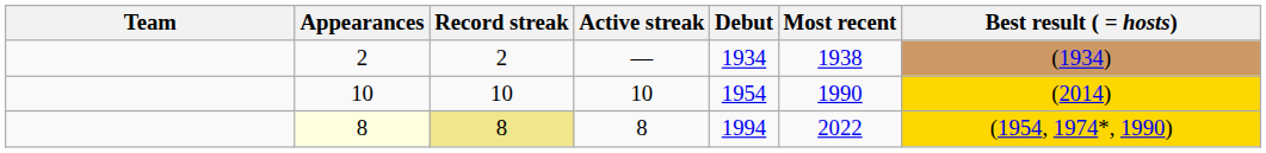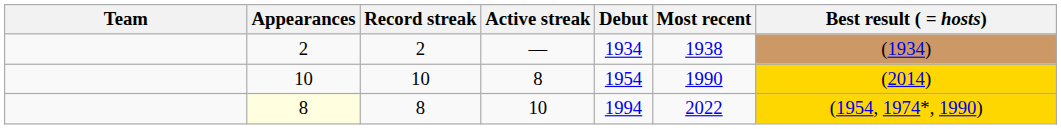 <table class="wikitable sortable" style="text-align: center">
 <tr>
 <th width=200>Team</th>
 <th>Appearances</th>
 <th>Record streak</th>
 <th>Active streak</th>
 <th>Debut</th>
 <th>Most recent</th>
 <th width=250>Best result (<em> = hosts</em>)</th>
 </tr>
 <tr>
 <td align=left> </td>
 <td>2</td>
 <td>2</td>
 <td>—</td>
 <td><a href='#'>1934</a></td>
 <td><a href='#'>1938</a></td>
 <td bgcolor=#cc9966>  (<a href='#'>1934</a>)</td>
 </tr>
 <tr>
 <td align=left> </td>
 <td>10</td>
 <td>10</td>
-<td>10</td>
+<td>8</td>
 <td><a href='#'>1954</a></td>
 <td><a href='#'>1990</a></td>
 <td bgcolor=gold> (<a href='#'>2014</a>)</td>
 </tr>
 <tr>
 <td align=left> </td>
 <td style="background: lightyellow;">8</td>
-<td style="background: khaki;">8</td>
 <td>8</td>
+<td>10</td>
 <td><a href='#'>1994</a></td>
 <td><a href='#'>2022</a></td>
 <td bgcolor=gold> (<a href='#'>1954</a>, <a href='#'>1974</a>*, <a href='#'>1990</a>)</td>
 </tr>
 </table>
